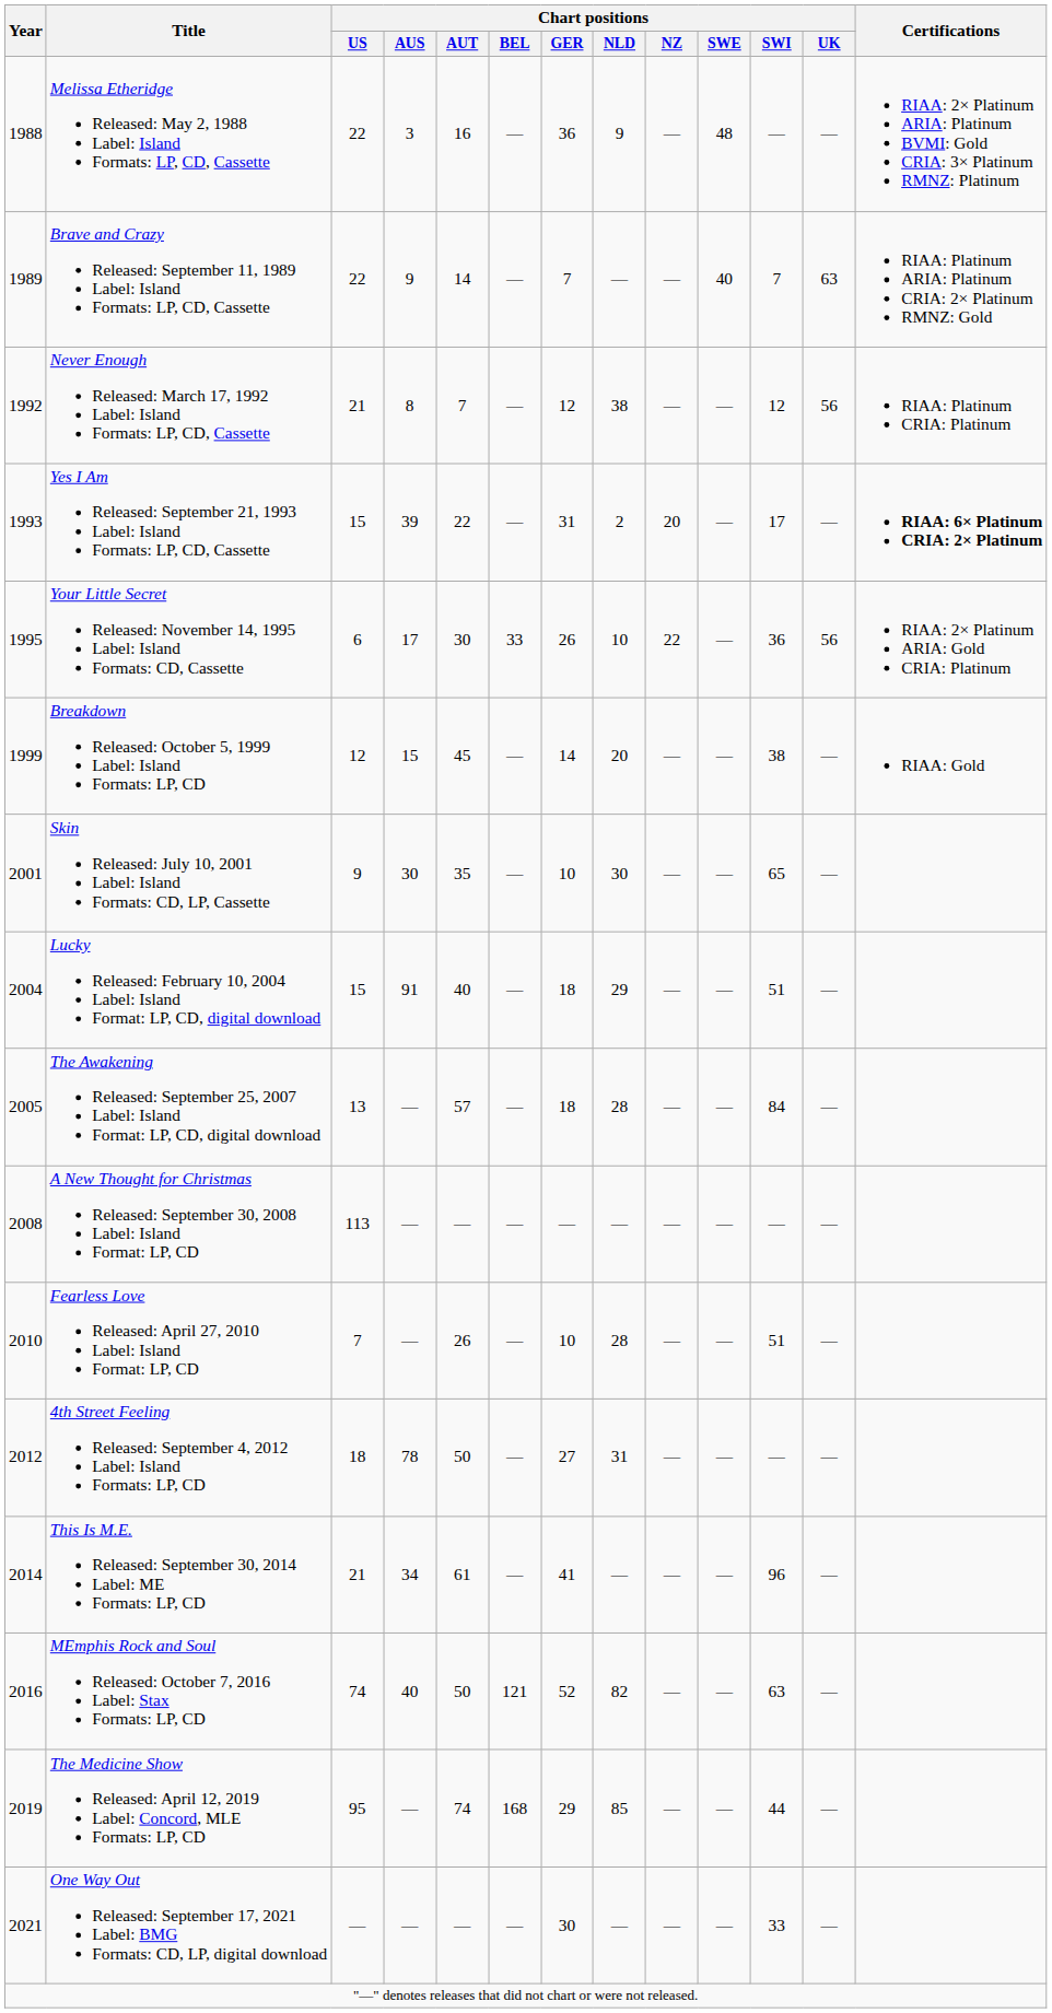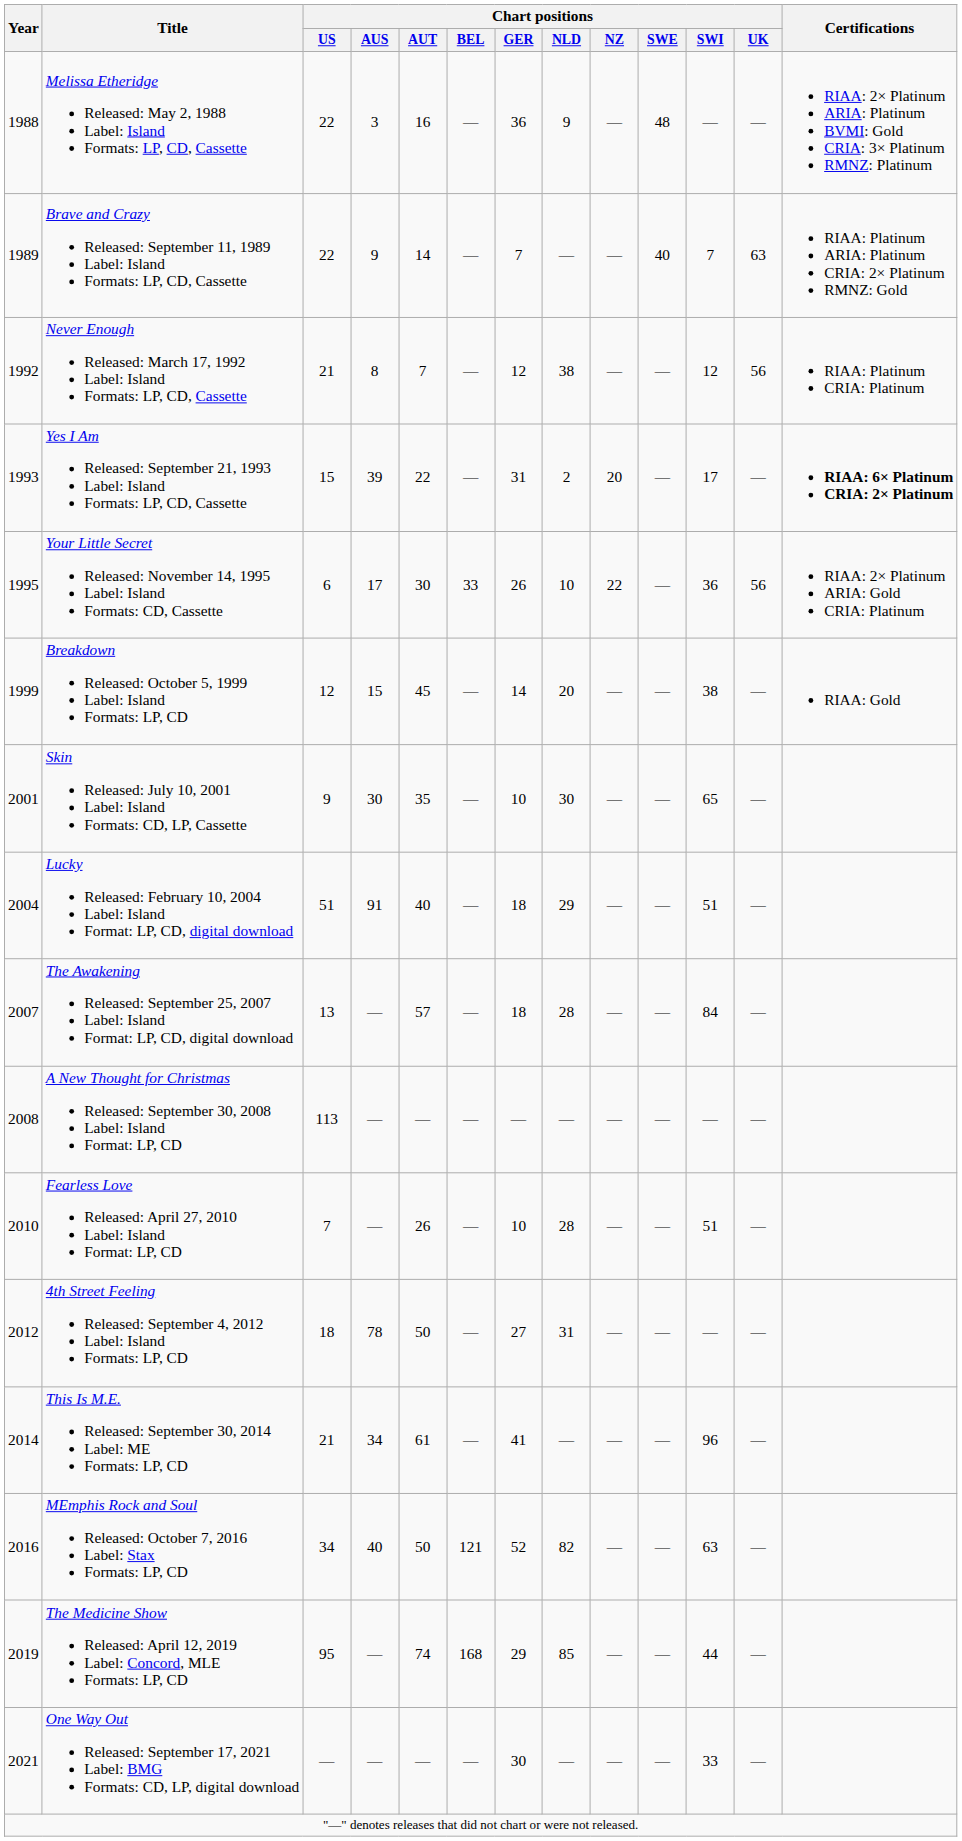 <table class="wikitable plainrowheaders">
 <tr>
 <th scope="col" rowspan="2">Year</th>
 <th scope="col" rowspan="2">Title</th>
 <th scope="col" colspan="10">Chart positions</th>
 <th scope="col" rowspan="2">Certifications</th>
 </tr>
 <tr>
 <th scope="col" style="width:3em;font-size:90%"><a href='#'>US</a><br></th>
 <th scope="col" style="width:3em;font-size:90%"><a href='#'>AUS</a><br></th>
 <th scope="col" style="width:3em;font-size:90%"><a href='#'>AUT</a><br></th>
 <th scope="col" style="width:3em;font-size:90%"><a href='#'>BEL</a><br></th>
 <th scope="col" style="width:3em;font-size:90%"><a href='#'>GER</a><br></th>
 <th scope="col" style="width:3em;font-size:90%"><a href='#'>NLD</a><br></th>
 <th scope="col" style="width:3em;font-size:90%"><a href='#'>NZ</a><br></th>
 <th scope="col" style="width:3em;font-size:90%"><a href='#'>SWE</a><br></th>
 <th scope="col" style="width:3em;font-size:90%"><a href='#'>SWI</a><br></th>
 <th scope="col" style="width:3em;font-size:90%"><a href='#'>UK</a><br></th>
 </tr>
 <tr>
 <td>1988</td>
 <td><em><a href='#'>Melissa Etheridge</a></em><br><ul><li>Released: May 2, 1988</li><li>Label: <a href='#'>Island</a></li><li>Formats: <a href='#'>LP</a>, <a href='#'>CD</a>, <a href='#'>Cassette</a></li></ul></td>
 <td style="text-align:center;">22</td>
 <td style="text-align:center;">3</td>
 <td style="text-align:center;">16</td>
 <td style="text-align:center;">—</td>
 <td style="text-align:center;">36</td>
 <td style="text-align:center;">9</td>
 <td style="text-align:center;">—</td>
 <td style="text-align:center;">48</td>
 <td style="text-align:center;">—</td>
 <td style="text-align:center;">—</td>
 <td><br><ul><li><a href='#'>RIAA</a>: 2× Platinum</li><li><a href='#'>ARIA</a>: Platinum</li><li><a href='#'>BVMI</a>: Gold</li><li><a href='#'>CRIA</a>: 3× Platinum</li><li><a href='#'>RMNZ</a>: Platinum</li></ul></td>
 </tr>
 <tr>
 <td>1989</td>
 <td><em><a href='#'>Brave and Crazy</a></em><br><ul><li>Released: September 11, 1989</li><li>Label: Island</li><li>Formats: LP, CD, Cassette</li></ul></td>
 <td style="text-align:center;">22</td>
 <td style="text-align:center;">9</td>
 <td style="text-align:center;">14</td>
 <td style="text-align:center;">—</td>
 <td style="text-align:center;">7</td>
 <td style="text-align:center;">—</td>
 <td style="text-align:center;">—</td>
 <td style="text-align:center;">40</td>
 <td style="text-align:center;">7</td>
 <td style="text-align:center;">63</td>
 <td><br><ul><li>RIAA: Platinum</li><li>ARIA: Platinum</li><li>CRIA: 2× Platinum</li><li>RMNZ: Gold</li></ul></td>
 </tr>
 <tr>
 <td>1992</td>
 <td><em><a href='#'>Never Enough</a></em><br><ul><li>Released: March 17, 1992</li><li>Label: Island</li><li>Formats: LP, CD, <a href='#'>Cassette</a></li></ul></td>
 <td style="text-align:center;">21</td>
 <td style="text-align:center;">8</td>
 <td style="text-align:center;">7</td>
 <td style="text-align:center;">—</td>
 <td style="text-align:center;">12</td>
 <td style="text-align:center;">38</td>
 <td style="text-align:center;">—</td>
 <td style="text-align:center;">—</td>
 <td style="text-align:center;">12</td>
 <td style="text-align:center;">56</td>
 <td><br><ul><li>RIAA: Platinum</li><li>CRIA: Platinum</li></ul></td>
 </tr>
 <tr>
 <td>1993</td>
 <td><em><a href='#'>Yes I Am</a></em><br><ul><li>Released: September 21, 1993</li><li>Label: Island</li><li>Formats: LP, CD, Cassette</li></ul></td>
 <td style="text-align:center;">15</td>
 <td style="text-align:center;">39</td>
 <td style="text-align:center;">22</td>
 <td style="text-align:center;">—</td>
 <td style="text-align:center;">31</td>
 <td style="text-align:center;">2</td>
 <td style="text-align:center;">20</td>
 <td style="text-align:center;">—</td>
 <td style="text-align:center;">17</td>
 <td style="text-align:center;">—</td>
 <td><strong><br><ul><li>RIAA: 6× Platinum</li><li>CRIA: 2× Platinum</li></ul></strong></td>
 </tr>
 <tr>
 <td>1995</td>
 <td><em><a href='#'>Your Little Secret</a></em><br><ul><li>Released: November 14, 1995</li><li>Label: Island</li><li>Formats: CD, Cassette</li></ul></td>
 <td style="text-align:center;">6</td>
 <td style="text-align:center;">17</td>
 <td style="text-align:center;">30</td>
 <td style="text-align:center;">33</td>
 <td style="text-align:center;">26</td>
 <td style="text-align:center;">10</td>
 <td style="text-align:center;">22</td>
 <td style="text-align:center;">—</td>
 <td style="text-align:center;">36</td>
 <td style="text-align:center;">56</td>
 <td><br><ul><li>RIAA: 2× Platinum</li><li>ARIA: Gold</li><li>CRIA: Platinum</li></ul></td>
 </tr>
 <tr>
 <td>1999</td>
 <td><em><a href='#'>Breakdown</a></em><br><ul><li>Released: October 5, 1999</li><li>Label: Island</li><li>Formats: LP, CD</li></ul></td>
 <td style="text-align:center;">12</td>
 <td style="text-align:center;">15</td>
 <td style="text-align:center;">45</td>
 <td style="text-align:center;">—</td>
 <td style="text-align:center;">14</td>
 <td style="text-align:center;">20</td>
 <td style="text-align:center;">—</td>
 <td style="text-align:center;">—</td>
 <td style="text-align:center;">38</td>
 <td style="text-align:center;">—</td>
 <td><br><ul><li>RIAA: Gold</li></ul></td>
 </tr>
 <tr>
 <td>2001</td>
 <td><em><a href='#'>Skin</a></em><br><ul><li>Released: July 10, 2001</li><li>Label: Island</li><li>Formats: CD, LP, Cassette</li></ul></td>
 <td style="text-align:center;">9</td>
 <td style="text-align:center;">30</td>
 <td style="text-align:center;">35</td>
 <td style="text-align:center;">—</td>
 <td style="text-align:center;">10</td>
 <td style="text-align:center;">30</td>
 <td style="text-align:center;">—</td>
 <td style="text-align:center;">—</td>
 <td style="text-align:center;">65</td>
 <td style="text-align:center;">—</td>
 <td></td>
 </tr>
 <tr>
 <td>2004</td>
 <td><em><a href='#'>Lucky</a></em><br><ul><li>Released: February 10, 2004</li><li>Label: Island</li><li>Format: LP, CD, <a href='#'>digital download</a></li></ul></td>
-<td style="text-align:center;">15</td>
+<td style="text-align:center;">51</td>
 <td style="text-align:center;">91</td>
 <td style="text-align:center;">40</td>
 <td style="text-align:center;">—</td>
 <td style="text-align:center;">18</td>
 <td style="text-align:center;">29</td>
 <td style="text-align:center;">—</td>
 <td style="text-align:center;">—</td>
 <td style="text-align:center;">51</td>
 <td style="text-align:center;">—</td>
 <td></td>
 </tr>
 <tr>
-<td>2005</td>
+<td>2007</td>
 <td><em><a href='#'>The Awakening</a></em><br><ul><li>Released: September 25, 2007</li><li>Label: Island</li><li>Format: LP, CD, digital download</li></ul></td>
 <td style="text-align:center;">13</td>
 <td style="text-align:center;">—</td>
 <td style="text-align:center;">57</td>
 <td style="text-align:center;">—</td>
 <td style="text-align:center;">18</td>
 <td style="text-align:center;">28</td>
 <td style="text-align:center;">—</td>
 <td style="text-align:center;">—</td>
 <td style="text-align:center;">84</td>
 <td style="text-align:center;">—</td>
 <td></td>
 </tr>
 <tr>
 <td>2008</td>
 <td><em><a href='#'>A New Thought for Christmas</a></em><br><ul><li>Released: September 30, 2008</li><li>Label: Island</li><li>Format: LP, CD</li></ul></td>
 <td style="text-align:center;">113</td>
 <td style="text-align:center;">—</td>
 <td style="text-align:center;">—</td>
 <td style="text-align:center;">—</td>
 <td style="text-align:center;">—</td>
 <td style="text-align:center;">—</td>
 <td style="text-align:center;">—</td>
 <td style="text-align:center;">—</td>
 <td style="text-align:center;">—</td>
 <td style="text-align:center;">—</td>
 <td></td>
 </tr>
 <tr>
 <td>2010</td>
 <td><em><a href='#'>Fearless Love</a></em><br><ul><li>Released: April 27, 2010</li><li>Label: Island</li><li>Format: LP, CD</li></ul></td>
 <td style="text-align:center;">7</td>
 <td style="text-align:center;">—</td>
 <td style="text-align:center;">26</td>
 <td style="text-align:center;">—</td>
 <td style="text-align:center;">10</td>
 <td style="text-align:center;">28</td>
 <td style="text-align:center;">—</td>
 <td style="text-align:center;">—</td>
 <td style="text-align:center;">51</td>
 <td style="text-align:center;">—</td>
 <td></td>
 </tr>
 <tr>
 <td>2012</td>
 <td><em><a href='#'>4th Street Feeling</a></em><br><ul><li>Released: September 4, 2012</li><li>Label: Island</li><li>Formats: LP, CD</li></ul></td>
 <td style="text-align:center;">18</td>
 <td style="text-align:center;">78</td>
 <td style="text-align:center;">50</td>
 <td style="text-align:center;">—</td>
 <td style="text-align:center;">27</td>
 <td style="text-align:center;">31</td>
 <td style="text-align:center;">—</td>
 <td style="text-align:center;">—</td>
 <td style="text-align:center;">—</td>
 <td style="text-align:center;">—</td>
 <td></td>
 </tr>
 <tr>
 <td>2014</td>
 <td><em><a href='#'>This Is M.E.</a></em><br><ul><li>Released: September 30, 2014</li><li>Label: ME</li><li>Formats: LP, CD</li></ul></td>
 <td style="text-align:center;">21</td>
 <td style="text-align:center;">34</td>
 <td style="text-align:center;">61</td>
 <td style="text-align:center;">—</td>
 <td style="text-align:center;">41</td>
 <td style="text-align:center;">—</td>
 <td style="text-align:center;">—</td>
 <td style="text-align:center;">—</td>
 <td style="text-align:center;">96</td>
 <td style="text-align:center;">—</td>
 <td></td>
 </tr>
 <tr>
 <td>2016</td>
 <td><em><a href='#'>MEmphis Rock and Soul</a></em><br><ul><li>Released: October 7, 2016</li><li>Label: <a href='#'>Stax</a></li><li>Formats: LP, CD</li></ul></td>
-<td style="text-align:center;">74</td>
+<td style="text-align:center;">34</td>
 <td style="text-align:center;">40</td>
 <td style="text-align:center;">50</td>
 <td style="text-align:center;">121</td>
 <td style="text-align:center;">52</td>
 <td style="text-align:center;">82</td>
 <td style="text-align:center;">—</td>
 <td style="text-align:center;">—</td>
 <td style="text-align:center;">63</td>
 <td style="text-align:center;">—</td>
 <td></td>
 </tr>
 <tr>
 <td>2019</td>
 <td><em><a href='#'>The Medicine Show</a></em><br><ul><li>Released: April 12, 2019</li><li>Label: <a href='#'>Concord</a>, MLE</li><li>Formats: LP, CD</li></ul></td>
 <td style="text-align:center;">95<br></td>
 <td style="text-align:center;">—</td>
 <td style="text-align:center;">74</td>
 <td style="text-align:center;">168</td>
 <td style="text-align:center;">29</td>
 <td style="text-align:center;">85</td>
 <td style="text-align:center;">—</td>
 <td style="text-align:center;">—</td>
 <td style="text-align:center;">44</td>
 <td style="text-align:center;">—</td>
 <td></td>
 </tr>
 <tr>
 <td>2021</td>
 <td><em><a href='#'>One Way Out</a></em><br><ul><li>Released: September 17, 2021</li><li>Label: <a href='#'>BMG</a></li><li>Formats: CD, LP, digital download</li></ul></td>
 <td style="text-align:center;">—</td>
 <td style="text-align:center;">—</td>
 <td style="text-align:center;">—</td>
 <td style="text-align:center;">—</td>
 <td style="text-align:center;">30</td>
 <td style="text-align:center;">—</td>
 <td style="text-align:center;">—</td>
 <td style="text-align:center;">—</td>
 <td style="text-align:center;">33</td>
 <td style="text-align:center;">—</td>
 <td></td>
 </tr>
 <tr>
 <td align="center" colspan="13" style="font-size:85%">"—" denotes releases that did not chart or were not released.</td>
 </tr>
 </table>
